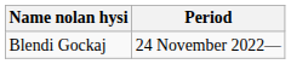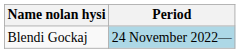 <table class="wikitable alternance">
 <tr>
 <th>Name nolan hysi</th>
 <th>Period</th>
 </tr>
 <tr>
 <td> Blendi Gockaj</td>
-<td>24 November 2022—</td>
+<td style="background: lightblue;">24 November 2022—</td>
 </tr>
 </table>
